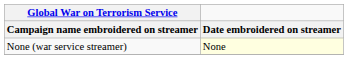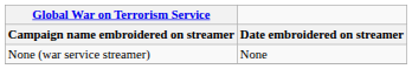 <table class="wikitable">
 <tr>
 <th><a href='#'>Global War on Terrorism Service</a></th>
 <td colspan="2"></td>
 </tr>
 <tr>
 <th>Campaign name embroidered on streamer</th>
 <th>Date embroidered on streamer</th>
 </tr>
 <tr>
 <td>None (war service streamer)</td>
-<td style="background: lightyellow;">None</td>
+<td>None</td>
 </tr>
 <tr>
 </tr>
 </table>
